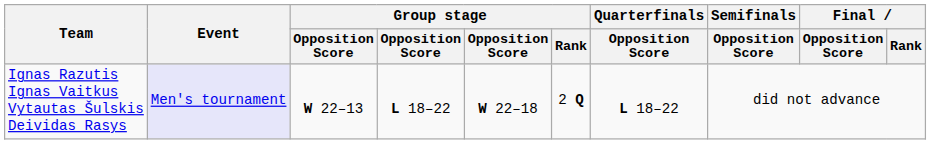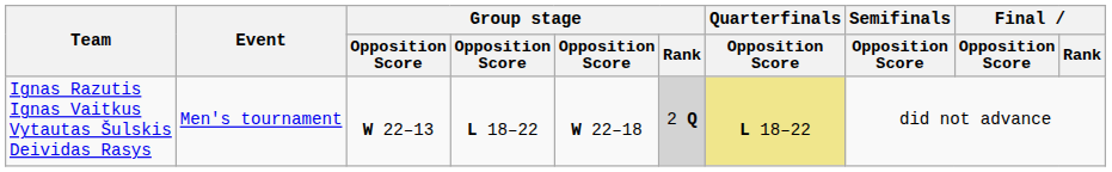 <table class="wikitable" style="text-align:center; font-size:90%">
 <tr>
 <th rowspan=2>Team</th>
 <th rowspan=2>Event</th>
 <th colspan=4>Group stage</th>
 <th>Quarterfinals</th>
 <th>Semifinals</th>
 <th colspan=2>Final / </th>
 </tr>
 <tr style="font-size:95%">
 <th>Opposition<br>Score</th>
 <th>Opposition<br>Score</th>
 <th>Opposition<br>Score</th>
 <th>Rank</th>
 <th>Opposition<br>Score</th>
 <th>Opposition<br>Score</th>
 <th>Opposition<br>Score</th>
 <th>Rank</th>
 </tr>
 <tr>
 <td align=left><a href='#'>Ignas Razutis</a><br><a href='#'>Ignas Vaitkus</a><br><a href='#'>Vytautas Šulskis</a><br><a href='#'>Deividas Rasys</a></td>
-<td align=left style="background: lavender;"><a href='#'>Men's tournament</a></td>
+<td align=left><a href='#'>Men's tournament</a></td>
 <td><br><strong>W</strong> 22–13</td>
 <td><br><strong>L</strong> 18–22</td>
 <td><br><strong>W</strong> 22–18</td>
-<td>2 <strong>Q</strong></td>
-<td><br><strong>L</strong> 18–22</td>
+<td style="background: lightgrey;">2 <strong>Q</strong></td>
+<td style="background: khaki;"><br><strong>L</strong> 18–22</td>
 <td colspan=4>did not advance</td>
 </tr>
 </table>
